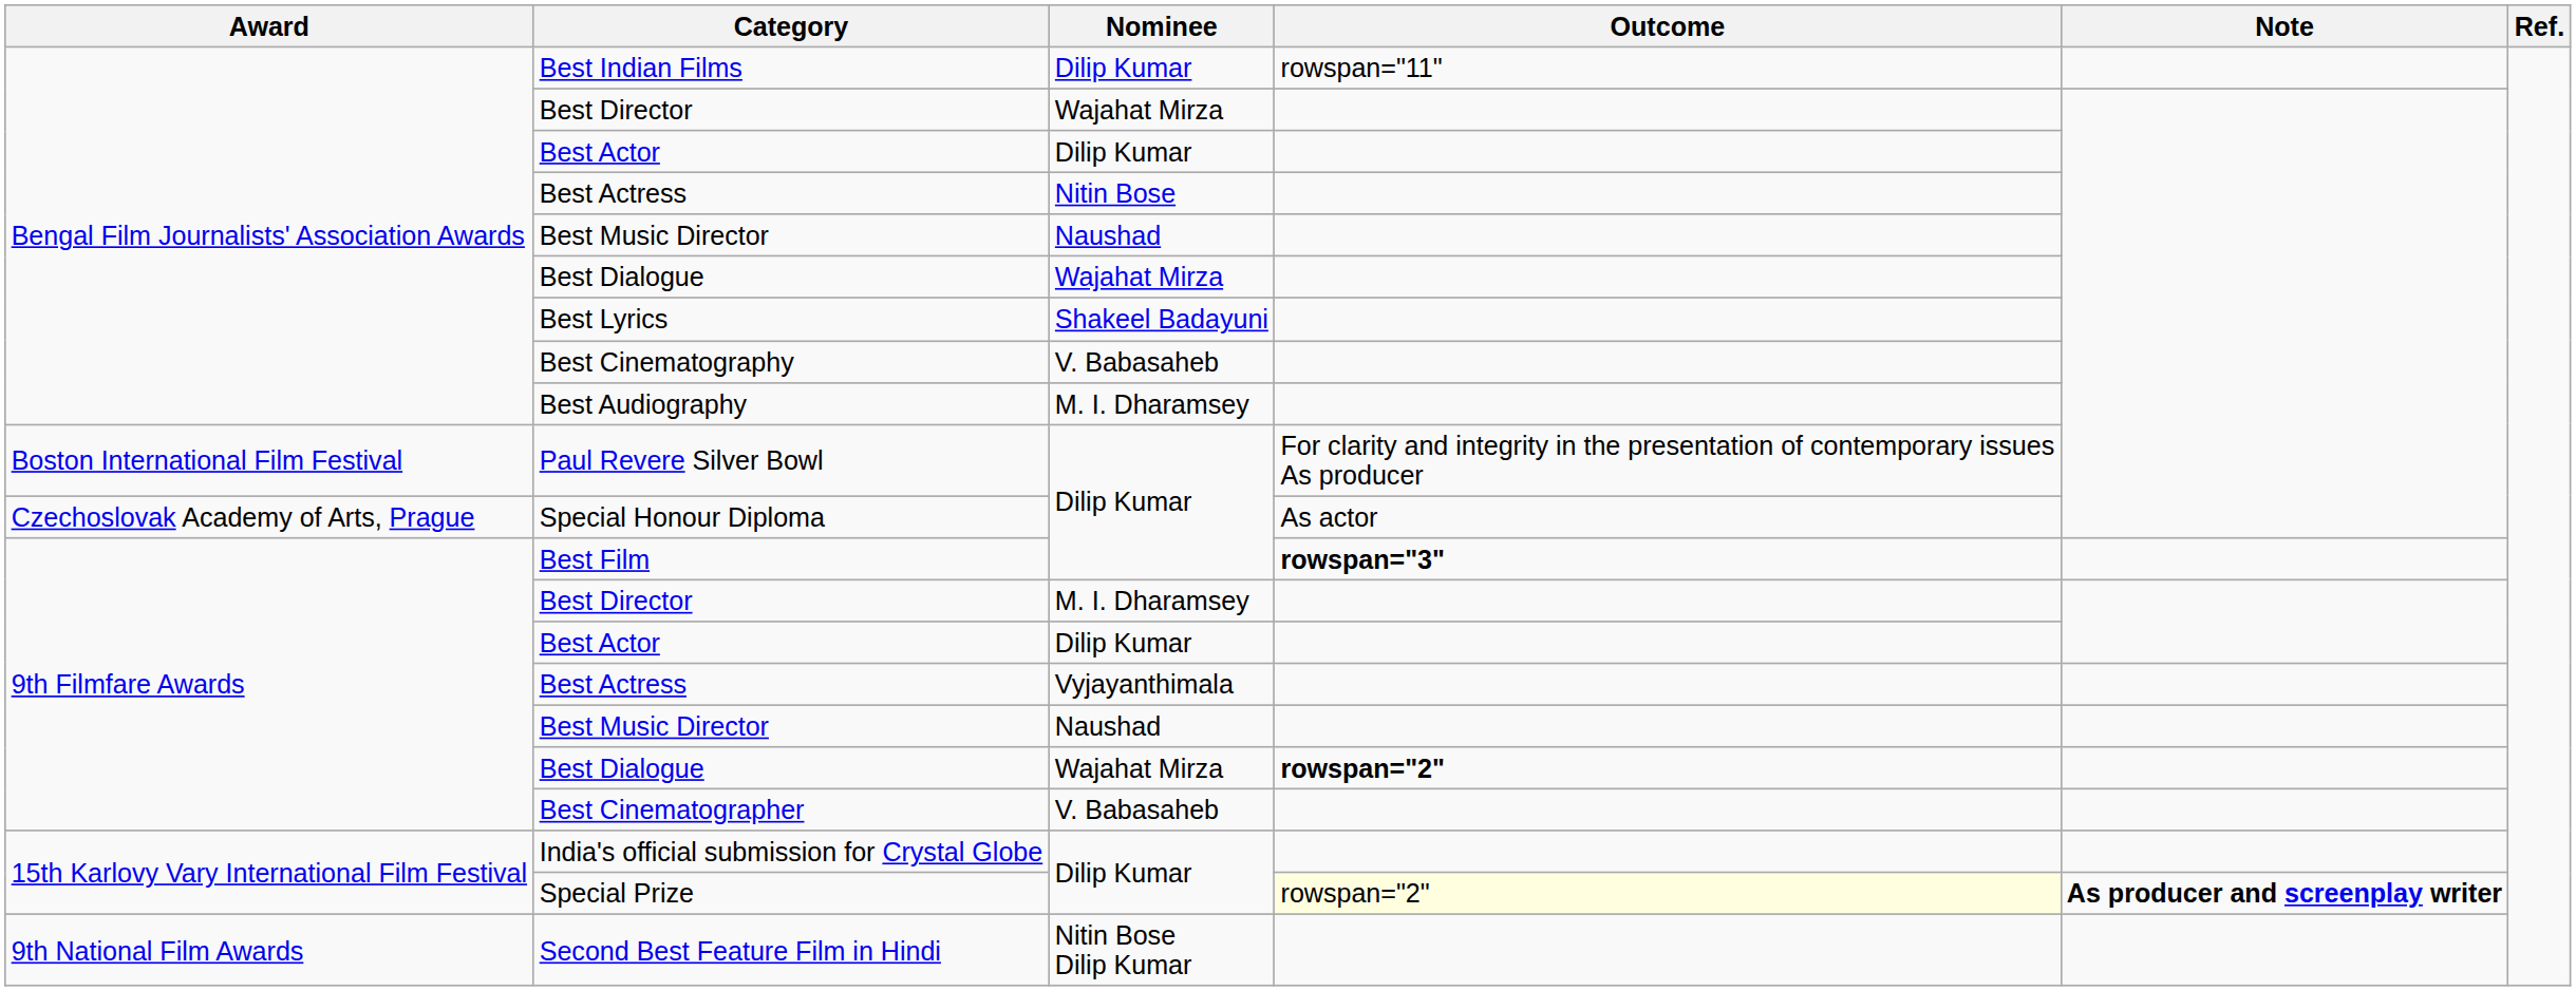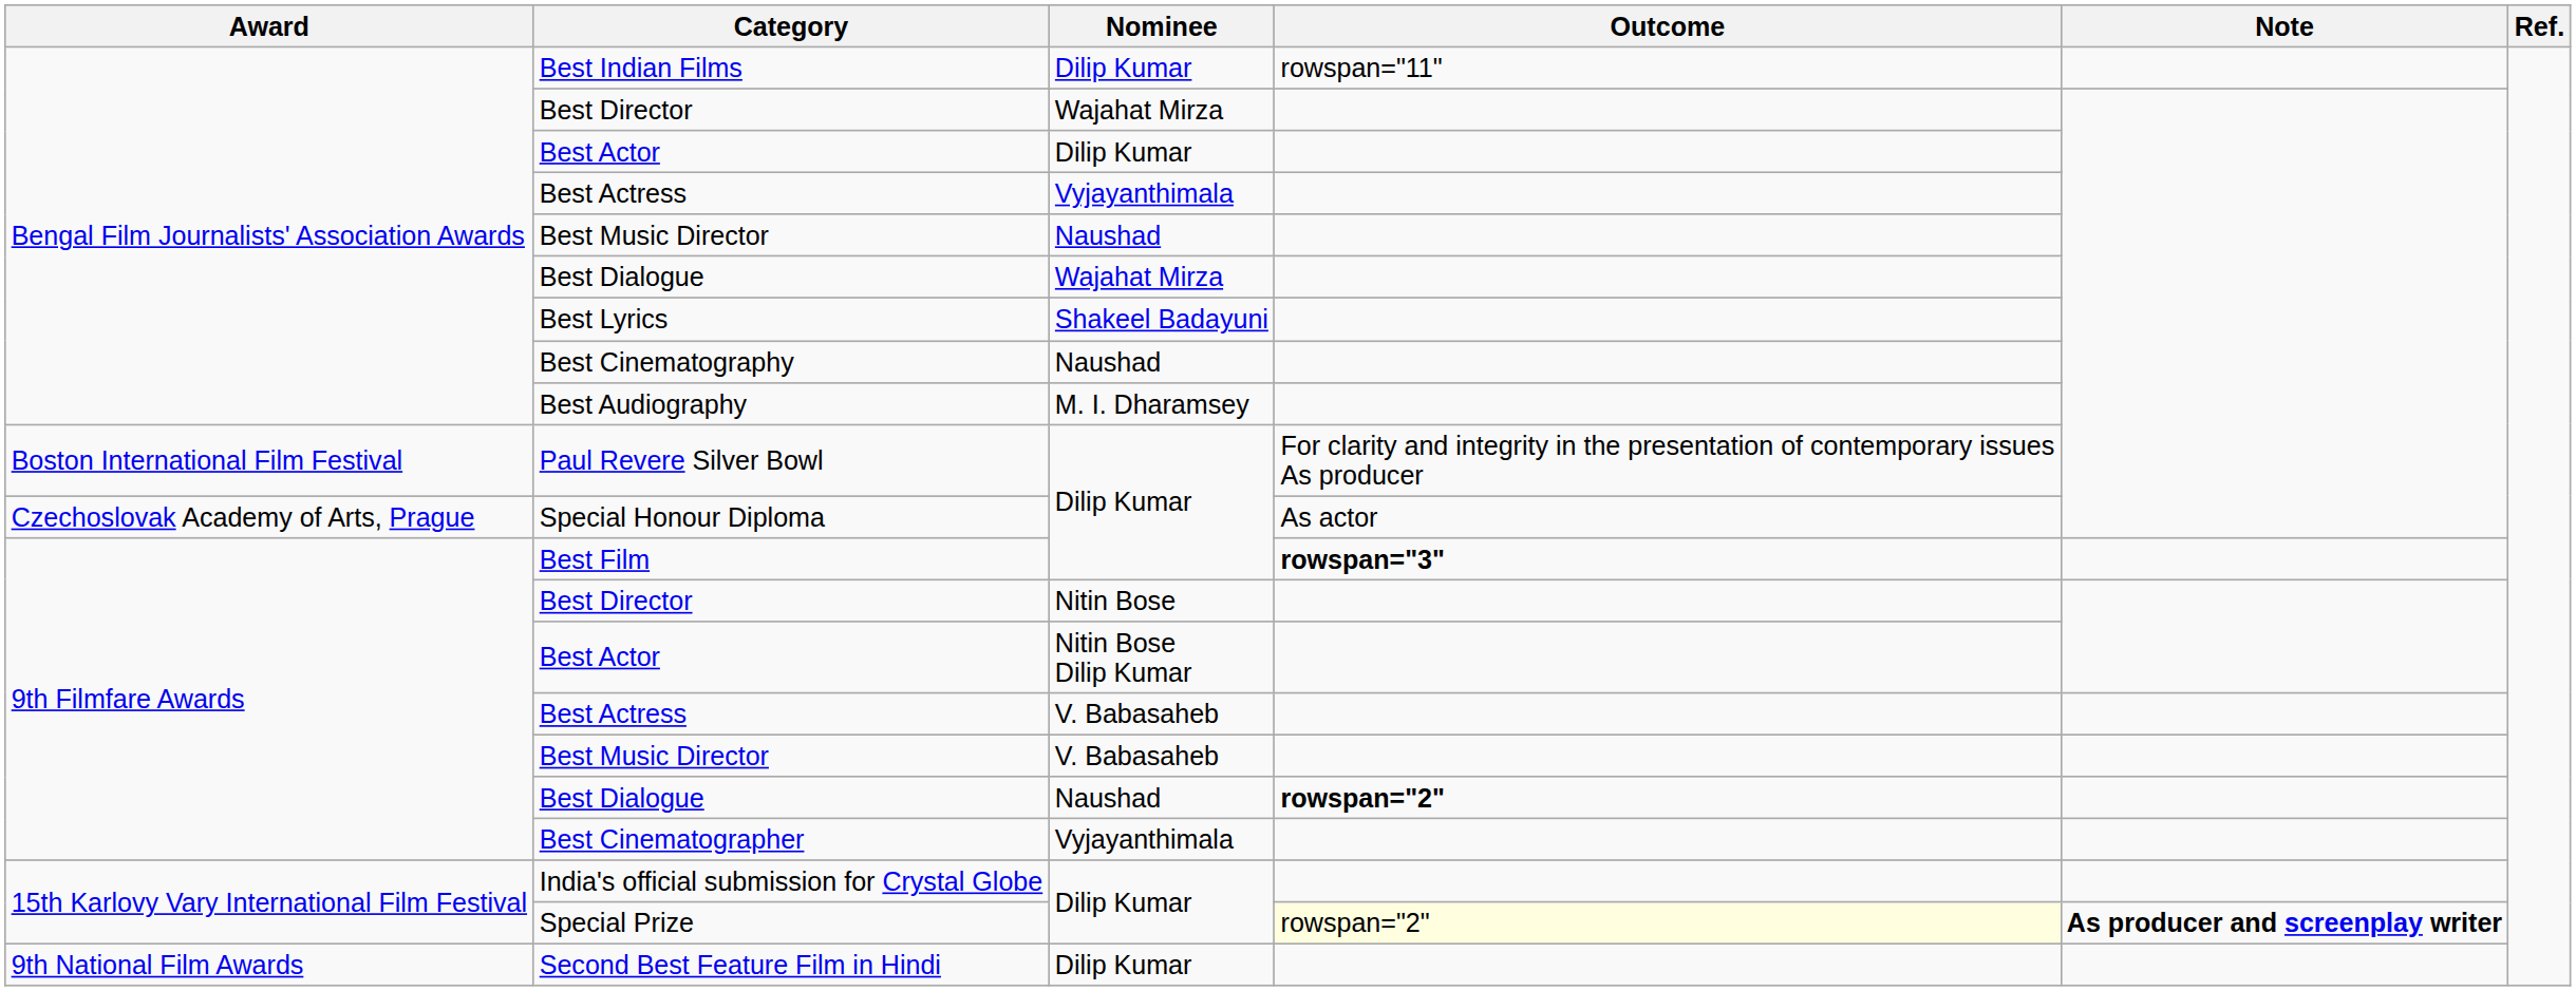 <table class="wikitable" style="font-size:95%;">
 <tr>
 <th>Award</th>
 <th>Category</th>
 <th>Nominee</th>
 <th>Outcome</th>
 <th>Note</th>
 <th>Ref.</th>
 </tr>
 <tr>
 <td rowspan="9"><a href='#'>Bengal Film Journalists' Association Awards</a></td>
 <td><a href='#'>Best Indian Films</a></td>
 <td><a href='#'>Dilip Kumar</a></td>
 <td>rowspan="11" </td>
 <td></td>
 <td rowspan="21"><br><br><br><br><br><br></td>
 </tr>
 <tr>
 <td>Best Director</td>
 <td>Wajahat Mirza</td>
 <td></td>
 </tr>
 <tr>
 <td><a href='#'>Best Actor</a></td>
 <td>Dilip Kumar</td>
 <td></td>
 </tr>
 <tr>
 <td>Best Actress</td>
-<td><a href='#'>Nitin Bose</a></td>
+<td><a href='#'>Vyjayanthimala</a></td>
 <td></td>
 </tr>
 <tr>
 <td>Best Music Director</td>
 <td><a href='#'>Naushad</a></td>
 <td></td>
 </tr>
 <tr>
 <td>Best Dialogue</td>
 <td><a href='#'>Wajahat Mirza</a></td>
 <td></td>
 </tr>
 <tr>
 <td>Best Lyrics</td>
 <td><a href='#'>Shakeel Badayuni</a></td>
 <td></td>
 </tr>
 <tr>
 <td>Best Cinematography</td>
-<td>V. Babasaheb</td>
+<td>Naushad</td>
 <td></td>
 </tr>
 <tr>
 <td>Best Audiography</td>
 <td>M. I. Dharamsey</td>
 <td></td>
 </tr>
 <tr>
 <td><a href='#'>Boston International Film Festival</a></td>
 <td><a href='#'>Paul Revere</a> Silver Bowl</td>
 <td rowspan="3">Dilip Kumar</td>
 <td>For clarity and integrity in the presentation of contemporary issues<br>As producer</td>
 </tr>
 <tr>
 <td><a href='#'>Czechoslovak</a> Academy of Arts, <a href='#'>Prague</a></td>
 <td>Special Honour Diploma</td>
 <td>As actor</td>
 </tr>
 <tr>
 <td rowspan="7"><a href='#'>9th Filmfare Awards</a></td>
 <td><a href='#'>Best Film</a></td>
 <td><strong>rowspan="3" </strong></td>
 <td></td>
 </tr>
 <tr>
 <td><a href='#'>Best Director</a></td>
-<td>M. I. Dharamsey</td>
+<td>Nitin Bose</td>
 <td></td>
 </tr>
 <tr>
 <td><a href='#'>Best Actor</a></td>
-<td>Dilip Kumar</td>
+<td>Nitin Bose<br>Dilip Kumar</td>
 <td></td>
 </tr>
 <tr>
 <td><a href='#'>Best Actress</a></td>
-<td>Vyjayanthimala</td>
+<td>V. Babasaheb</td>
 <td></td>
 <td></td>
 </tr>
 <tr>
 <td><a href='#'>Best Music Director</a></td>
-<td>Naushad</td>
+<td>V. Babasaheb</td>
 <td></td>
 <td></td>
 </tr>
 <tr>
 <td><a href='#'>Best Dialogue</a></td>
-<td>Wajahat Mirza</td>
+<td>Naushad</td>
 <td><strong>rowspan="2" </strong></td>
 <td></td>
 </tr>
 <tr>
 <td><a href='#'>Best Cinematographer</a></td>
-<td>V. Babasaheb</td>
+<td>Vyjayanthimala</td>
 <td></td>
 </tr>
 <tr>
 <td rowspan="2"><a href='#'>15th Karlovy Vary International Film Festival</a></td>
 <td>India's official submission for <a href='#'>Crystal Globe</a></td>
 <td rowspan="2">Dilip Kumar</td>
 <td></td>
 <td></td>
 </tr>
 <tr>
 <td>Special Prize</td>
 <td style="background: lightyellow;">rowspan="2" </td>
 <td><strong>As producer and <a href='#'>screenplay</a> writer</strong></td>
 </tr>
 <tr>
 <td><a href='#'>9th National Film Awards</a></td>
 <td><a href='#'>Second Best Feature Film in Hindi</a></td>
-<td>Nitin Bose<br>Dilip Kumar</td>
+<td>Dilip Kumar</td>
 <td></td>
 </tr>
 </table>
